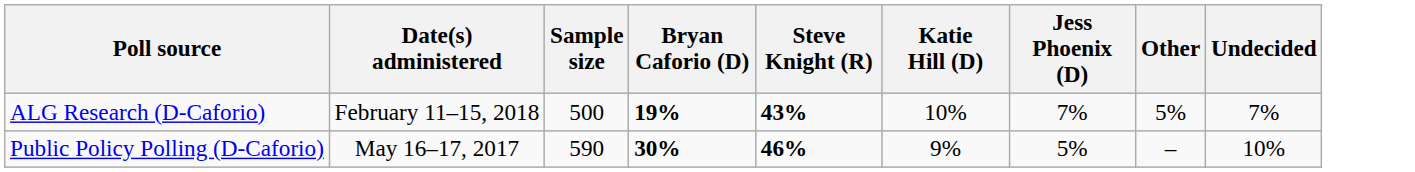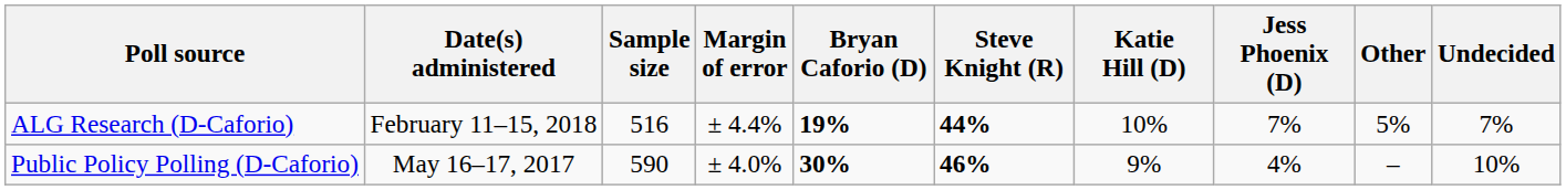 <table class="wikitable">
 <tr>
 <th>Poll source</th>
 <th>Date(s)<br>administered</th>
 <th>Sample<br>size</th>
+<th>Margin<br>of error</th>
 <th style="width:80px;">Bryan<br>Caforio (D)</th>
 <th style="width:80px;">Steve<br>Knight (R)</th>
 <th style="width:80px;">Katie<br>Hill (D)</th>
 <th style="width:80px;">Jess<br>Phoenix (D)</th>
 <th>Other</th>
 <th>Undecided</th>
 </tr>
 <tr>
 <td><a href='#'>ALG Research (D-Caforio)</a></td>
 <td style="text-align:center">February 11–15, 2018</td>
-<td style="text-align:center">500</td>
+<td style="text-align:center">516</td>
+<td style="text-align:center">± 4.4%</td>
 <td style="background-color:"><strong>19%</strong></td>
-<td style="background-color:"><strong>43%</strong></td>
+<td style="background-color:"><strong>44%</strong></td>
 <td style="text-align:center">10%</td>
 <td style="text-align:center">7%</td>
 <td style="text-align:center">5%</td>
 <td style="text-align:center">7%</td>
 </tr>
 <tr>
 <td><a href='#'>Public Policy Polling (D-Caforio)</a></td>
 <td style="text-align:center">May 16–17, 2017</td>
 <td style="text-align:center">590</td>
+<td style="text-align:center">± 4.0%</td>
 <td style="background-color:"><strong>30%</strong></td>
 <td style="background-color:"><strong>46%</strong></td>
 <td style="text-align:center">9%</td>
-<td style="text-align:center">5%</td>
+<td style="text-align:center">4%</td>
 <td style="text-align:center">–</td>
 <td style="text-align:center">10%</td>
 </tr>
 </table>
